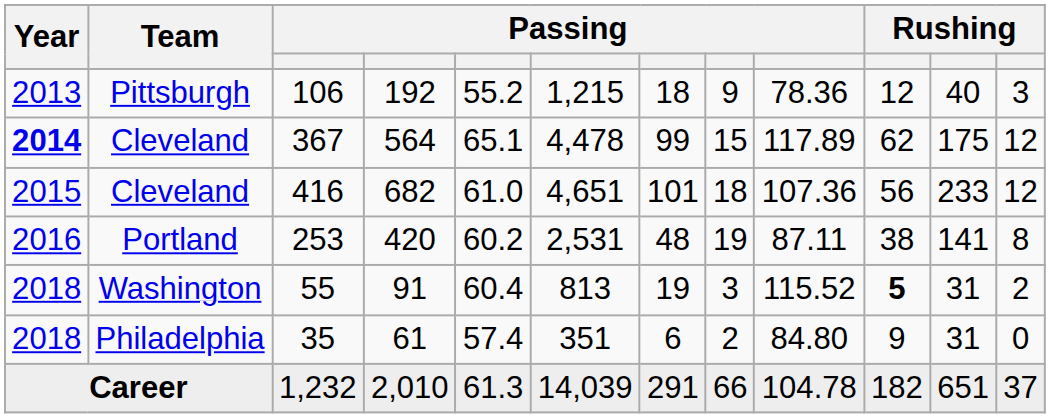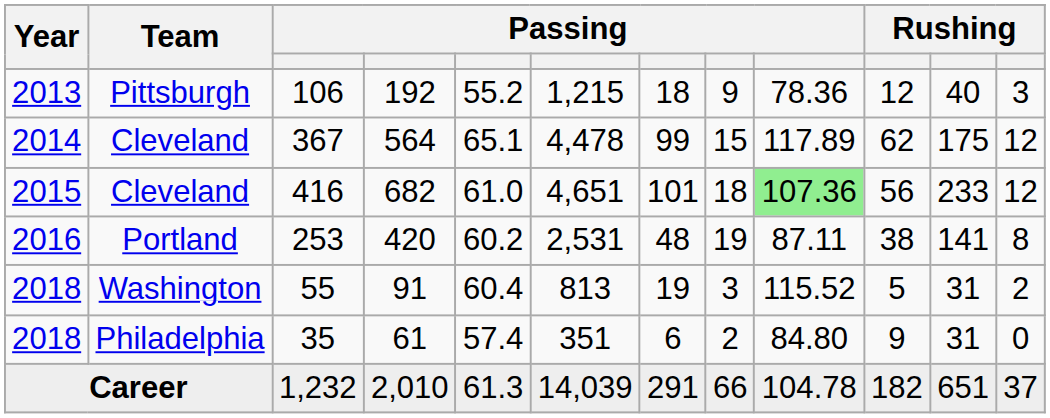 <table class="wikitable sortable" style="text-align:center">
 <tr>
 <th rowspan=2>Year</th>
 <th rowspan=2>Team</th>
 <th colspan=7>Passing</th>
 <th colspan=3>Rushing</th>
 </tr>
 <tr>
 <th></th>
 <th></th>
 <th></th>
 <th></th>
 <th></th>
 <th></th>
 <th></th>
 <th></th>
 <th></th>
 <th></th>
 </tr>
 <tr>
 <td><a href='#'>2013</a></td>
 <td><a href='#'>Pittsburgh</a></td>
 <td>106</td>
 <td>192</td>
 <td>55.2</td>
 <td>1,215</td>
 <td>18</td>
 <td>9</td>
 <td>78.36</td>
 <td>12</td>
 <td>40</td>
 <td>3</td>
 </tr>
 <tr>
-<td><strong><a href='#'>2014</a></strong></td>
+<td><a href='#'>2014</a></td>
 <td><a href='#'>Cleveland</a></td>
 <td>367</td>
 <td>564</td>
 <td>65.1</td>
 <td>4,478</td>
 <td>99</td>
 <td>15</td>
 <td>117.89</td>
 <td>62</td>
 <td>175</td>
 <td>12</td>
 </tr>
 <tr>
 <td><a href='#'>2015</a></td>
 <td><a href='#'>Cleveland</a></td>
 <td>416</td>
 <td>682</td>
 <td>61.0</td>
 <td>4,651</td>
 <td>101</td>
 <td>18</td>
-<td>107.36</td>
+<td style="background: lightgreen;">107.36</td>
 <td>56</td>
 <td>233</td>
 <td>12</td>
 </tr>
 <tr>
 <td><a href='#'>2016</a></td>
 <td><a href='#'>Portland</a></td>
 <td>253</td>
 <td>420</td>
 <td>60.2</td>
 <td>2,531</td>
 <td>48</td>
 <td>19</td>
 <td>87.11</td>
 <td>38</td>
 <td>141</td>
 <td>8</td>
 </tr>
 <tr>
 <td><a href='#'>2018</a></td>
 <td><a href='#'>Washington</a></td>
 <td>55</td>
 <td>91</td>
 <td>60.4</td>
 <td>813</td>
 <td>19</td>
 <td>3</td>
 <td>115.52</td>
-<td><strong>5</strong></td>
+<td>5</td>
 <td>31</td>
 <td>2</td>
 </tr>
 <tr>
 <td><a href='#'>2018</a></td>
 <td><a href='#'>Philadelphia</a></td>
 <td>35</td>
 <td>61</td>
 <td>57.4</td>
 <td>351</td>
 <td>6</td>
 <td>2</td>
 <td>84.80</td>
 <td>9</td>
 <td>31</td>
 <td>0</td>
 </tr>
 <tr class="sortbottom" style="background:#eee;">
 <td colspan=2><strong>Career</strong></td>
 <td>1,232</td>
 <td>2,010</td>
 <td>61.3</td>
 <td>14,039</td>
 <td>291</td>
 <td>66</td>
 <td>104.78</td>
 <td>182</td>
 <td>651</td>
 <td>37</td>
 </tr>
 </table>
